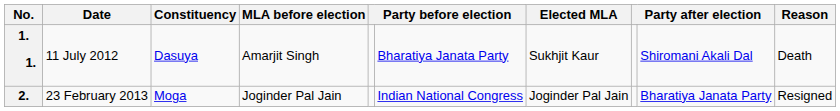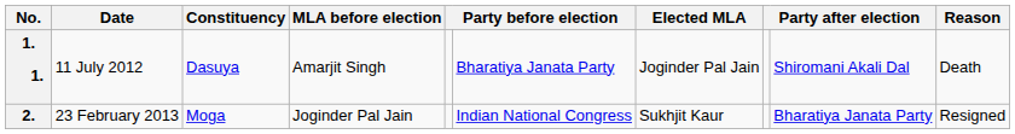 <table class="wikitable sortable">
 <tr>
 <th>No.</th>
 <th>Date</th>
 <th>Constituency</th>
 <th>MLA before election</th>
 <th colspan="2">Party before election</th>
 <th>Elected MLA</th>
 <th colspan="2">Party after election</th>
 <th>Reason</th>
 </tr>
 <tr>
 <th>1.<br><ol><li></li></ol></th>
 <td>11 July 2012</td>
 <td><a href='#'>Dasuya</a></td>
 <td>Amarjit Singh</td>
 <td style="background-color: "></td>
 <td><a href='#'>Bharatiya Janata Party</a></td>
-<td>Sukhjit Kaur</td>
+<td>Joginder Pal Jain</td>
 <td style="background-color: "></td>
 <td><a href='#'>Shiromani Akali Dal</a></td>
 <td>Death</td>
 </tr>
 <tr>
 <th>2.</th>
 <td>23 February 2013</td>
 <td><a href='#'>Moga</a></td>
 <td>Joginder Pal Jain</td>
 <td style="background-color: "></td>
 <td><a href='#'>Indian National Congress</a></td>
-<td>Joginder Pal Jain</td>
+<td>Sukhjit Kaur</td>
 <td style="background-color: "></td>
 <td><a href='#'>Bharatiya Janata Party</a></td>
 <td>Resigned</td>
 </tr>
 </table>
